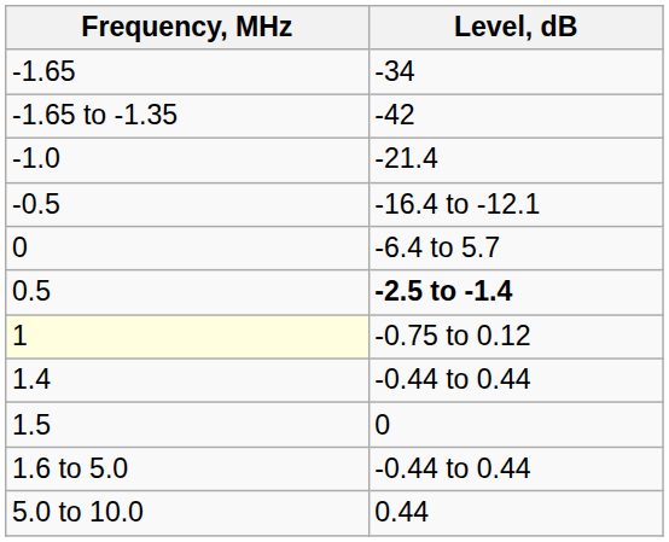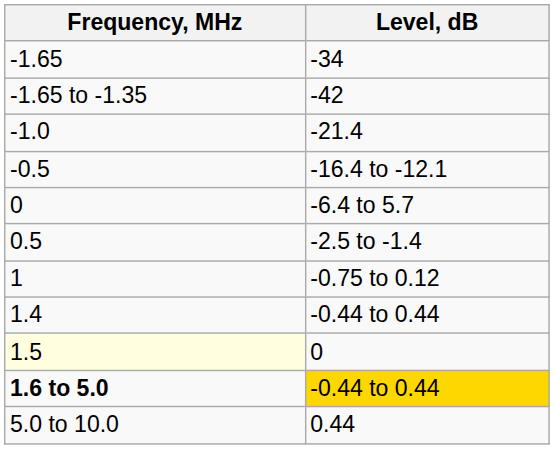 <table class="wikitable" width="30%">
 <tr>
 <th style="width:10%">Frequency, MHz</th>
 <th style="width:10%">Level, dB</th>
 </tr>
 <tr>
 <td>-1.65</td>
 <td>-34</td>
 </tr>
 <tr>
 <td>-1.65 to -1.35</td>
 <td>-42</td>
 </tr>
 <tr>
 <td>-1.0</td>
 <td>-21.4</td>
 </tr>
 <tr>
 <td>-0.5</td>
 <td>-16.4 to -12.1</td>
 </tr>
 <tr>
 <td>0</td>
 <td>-6.4 to 5.7</td>
 </tr>
 <tr>
 <td>0.5</td>
-<td><strong>-2.5 to -1.4</strong></td>
+<td>-2.5 to -1.4</td>
 </tr>
 <tr>
-<td style="background: lightyellow;">1</td>
+<td>1</td>
 <td>-0.75 to 0.12</td>
 </tr>
 <tr>
 <td>1.4</td>
 <td>-0.44 to 0.44</td>
 </tr>
 <tr>
-<td>1.5</td>
+<td style="background: lightyellow;">1.5</td>
 <td>0</td>
 </tr>
 <tr>
-<td>1.6 to 5.0</td>
-<td>-0.44 to 0.44</td>
+<td><strong>1.6 to 5.0</strong></td>
+<td style="background: gold;">-0.44 to 0.44</td>
 </tr>
 <tr>
 <td>5.0 to 10.0</td>
 <td>0.44</td>
 </tr>
 </table>
